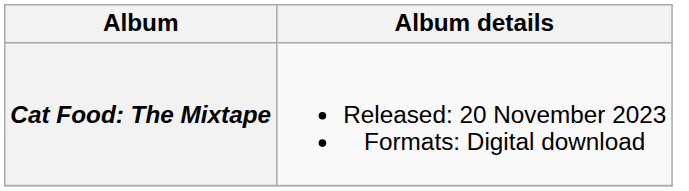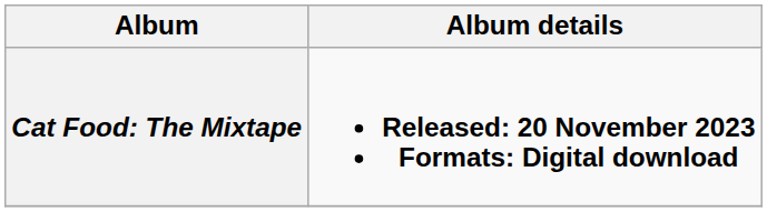 <table class="wikitable plainrowheaders" style="text-align:center;">
 <tr>
 <th>Album</th>
 <th>Album details</th>
 </tr>
 <tr>
 <th scope="row"><em>Cat Food: The Mixtape</em></th>
-<td><br><ul><li>Released: 20 November 2023</li><li>Formats: Digital download</li></ul></td>
+<td><strong><br><ul><li>Released: 20 November 2023</li><li>Formats: Digital download</li></ul></strong></td>
 </tr>
 <tr>
 </tr>
 </table>
